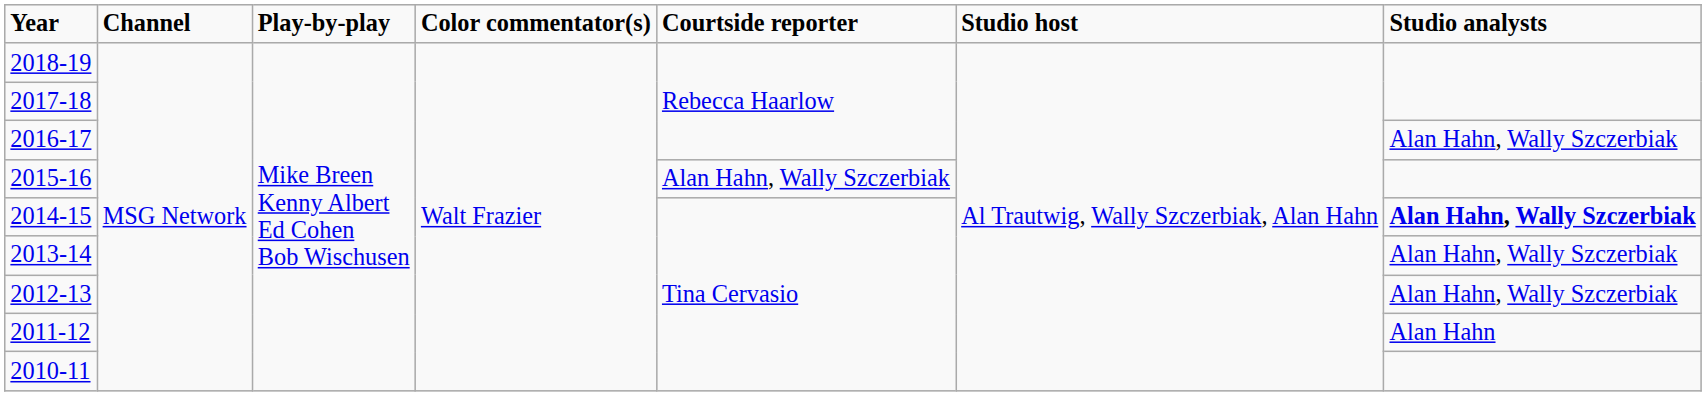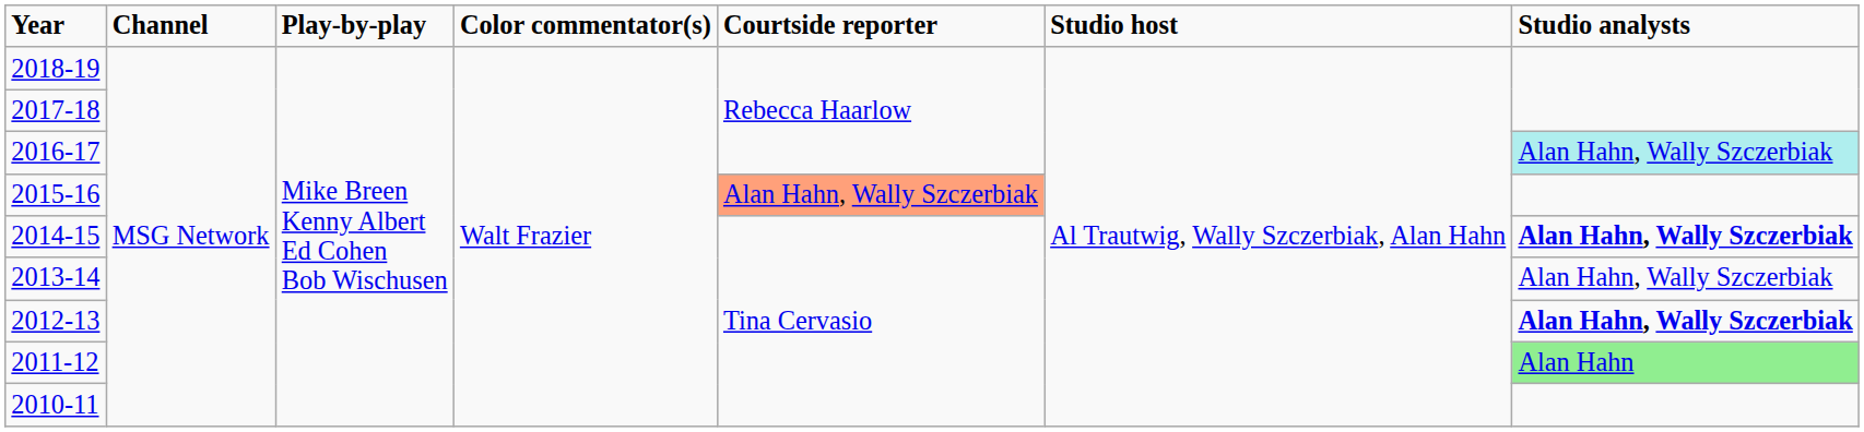 <table class="wikitable">
 <tr>
 <td><strong>Year</strong></td>
 <td><strong>Channel</strong></td>
 <td><strong>Play-by-play</strong></td>
 <td><strong>Color commentator(s)</strong></td>
 <td><strong>Courtside reporter</strong></td>
 <td><strong>Studio host</strong></td>
 <td><strong>Studio analysts</strong></td>
 </tr>
 <tr>
 <td><a href='#'>2018-19</a></td>
 <td rowspan=9><a href='#'>MSG Network</a></td>
 <td rowspan=9><a href='#'>Mike Breen</a><br><a href='#'>Kenny Albert</a><br><a href='#'>Ed Cohen</a><br><a href='#'>Bob Wischusen</a></td>
 <td rowspan=9><a href='#'>Walt Frazier</a></td>
 <td rowspan=3><a href='#'>Rebecca Haarlow</a></td>
 <td rowspan=9><a href='#'>Al Trautwig</a>, <a href='#'>Wally Szczerbiak</a>, <a href='#'>Alan Hahn</a></td>
 </tr>
 <tr>
 <td><a href='#'>2017-18</a></td>
 </tr>
 <tr>
 <td><a href='#'>2016-17</a></td>
-<td><a href='#'>Alan Hahn</a>, <a href='#'>Wally Szczerbiak</a></td>
+<td style="background: paleturquoise;"><a href='#'>Alan Hahn</a>, <a href='#'>Wally Szczerbiak</a></td>
 </tr>
 <tr>
 <td><a href='#'>2015-16</a></td>
-<td><a href='#'>Alan Hahn</a>, <a href='#'>Wally Szczerbiak</a></td>
+<td style="background: lightsalmon;"><a href='#'>Alan Hahn</a>, <a href='#'>Wally Szczerbiak</a></td>
 </tr>
 <tr>
 <td><a href='#'>2014-15</a></td>
 <td rowspan=5><a href='#'>Tina Cervasio</a></td>
 <td><strong><a href='#'>Alan Hahn</a>, <a href='#'>Wally Szczerbiak</a></strong></td>
 </tr>
 <tr>
 <td><a href='#'>2013-14</a></td>
 <td><a href='#'>Alan Hahn</a>, <a href='#'>Wally Szczerbiak</a></td>
 </tr>
 <tr>
 <td><a href='#'>2012-13</a></td>
-<td><a href='#'>Alan Hahn</a>, <a href='#'>Wally Szczerbiak</a></td>
+<td><strong><a href='#'>Alan Hahn</a>, <a href='#'>Wally Szczerbiak</a></strong></td>
 </tr>
 <tr>
 <td><a href='#'>2011-12</a></td>
-<td><a href='#'>Alan Hahn</a></td>
+<td style="background: lightgreen;"><a href='#'>Alan Hahn</a></td>
 </tr>
 <tr>
 <td><a href='#'>2010-11</a></td>
 </tr>
 </table>
